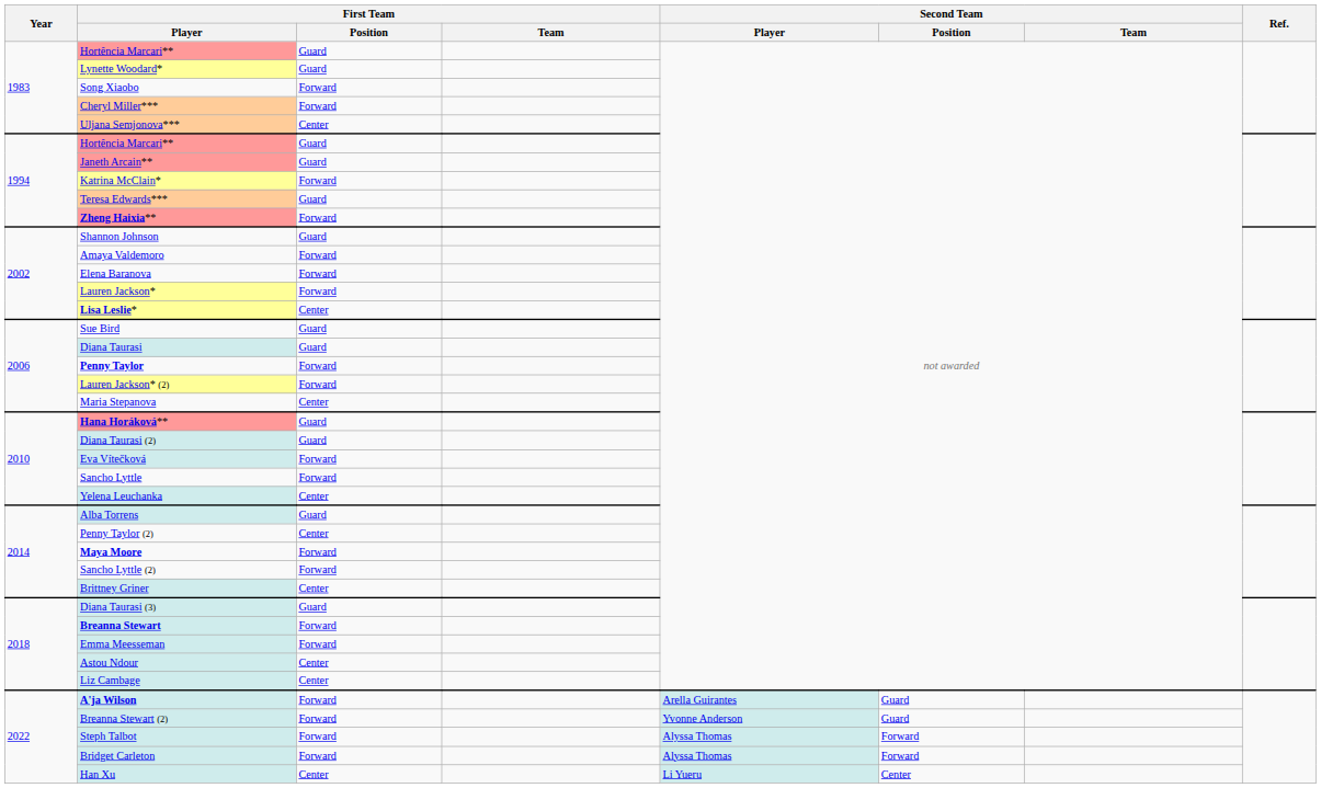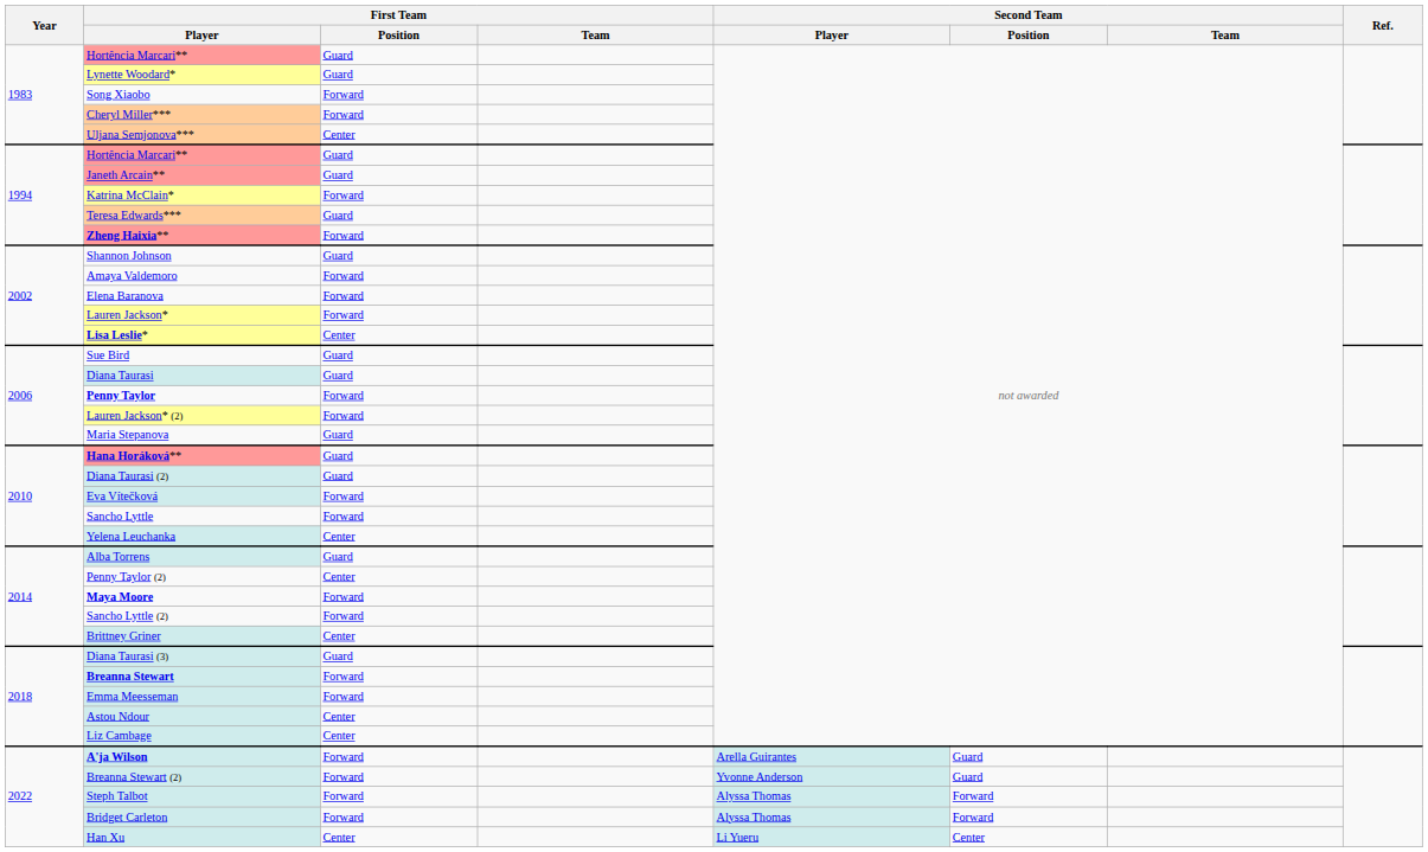 <table class="wikitable" style="width: 90%; text-align:left; font-size:95%">
 <tr>
 <th rowspan="2" width="5%">Year</th>
 <th colspan="3">First Team</th>
 <th colspan="3">Second Team</th>
 <th rowspan="2" width=5%>Ref.</th>
 </tr>
 <tr>
 <th width=15%>Player</th>
 <th width=10%>Position</th>
 <th width=15%>Team</th>
 <th width=15%>Player</th>
 <th width=10%>Position</th>
 <th width=15%>Team</th>
 </tr>
 <tr>
 <td rowspan=5><a href='#'>1983</a></td>
 <td style="background-color:#FF9999; align=left"><a href='#'>Hortência Marcari</a>**</td>
 <td align=left><a href='#'>Guard</a></td>
 <td align=left></td>
 <td rowspan=35 colspan=3 style=color:#767676 align=center><em>not awarded</em></td>
 <td rowspan=5></td>
 </tr>
 <tr>
 <td style="background-color:#FFFF99; align=left"><a href='#'>Lynette Woodard</a>*</td>
 <td align=left><a href='#'>Guard</a></td>
 <td align=left></td>
 </tr>
 <tr>
 <td style="align=left"><a href='#'>Song Xiaobo</a></td>
 <td align=left><a href='#'>Forward</a></td>
 <td align=left></td>
 </tr>
 <tr>
 <td style="background-color:#FFCC99; align=left"><a href='#'>Cheryl Miller</a>***</td>
 <td align=left><a href='#'>Forward</a></td>
 <td align=left></td>
 </tr>
 <tr>
 <td style="background-color:#FFCC99; align=left"><a href='#'>Uljana Semjonova</a>***</td>
 <td align=left><a href='#'>Center</a></td>
 <td align=left></td>
 </tr>
 <tr style = "border-top:2px solid black;">
 <td rowspan=5><a href='#'>1994</a></td>
 <td style="background-color:#FF9999; align=left"><a href='#'>Hortência Marcari</a>**</td>
 <td align=left><a href='#'>Guard</a></td>
 <td align=left></td>
 <td rowspan=5></td>
 </tr>
 <tr>
 <td style="background-color:#FF9999; align=left"><a href='#'>Janeth Arcain</a>**</td>
 <td align=left><a href='#'>Guard</a></td>
 <td align=left></td>
 </tr>
 <tr>
 <td style="background-color:#FFFF99; align=left"><a href='#'>Katrina McClain</a>*</td>
 <td align=left><a href='#'>Forward</a></td>
 <td align=left></td>
 </tr>
 <tr>
 <td style="background-color:#FFCC99; align=left"><a href='#'>Teresa Edwards</a>***</td>
 <td align=left><a href='#'>Guard</a></td>
 <td align=left></td>
 </tr>
 <tr>
 <td style="background-color:#FF9999; align=left"><strong><a href='#'>Zheng Haixia</a></strong>**</td>
 <td align=left><a href='#'>Forward</a></td>
 <td align=left></td>
 </tr>
 <tr style = "border-top:2px solid black;">
 <td rowspan=5><a href='#'>2002</a></td>
 <td align=left><a href='#'>Shannon Johnson</a></td>
 <td align=left><a href='#'>Guard</a></td>
 <td align=left></td>
 <td rowspan=5></td>
 </tr>
 <tr>
 <td align=left><a href='#'>Amaya Valdemoro</a></td>
 <td align=left><a href='#'>Forward</a></td>
 <td align=left></td>
 </tr>
 <tr>
 <td align=left><a href='#'>Elena Baranova</a></td>
 <td align=left><a href='#'>Forward</a></td>
 <td align=left></td>
 </tr>
 <tr>
 <td style="background-color:#FFFF99; align=left"><a href='#'>Lauren Jackson</a>*</td>
 <td align=left><a href='#'>Forward</a></td>
 <td align=left></td>
 </tr>
 <tr>
 <td style="background-color:#FFFF99; align=left"><strong><a href='#'>Lisa Leslie</a></strong>*</td>
 <td align=left><a href='#'>Center</a></td>
 <td align=left></td>
 </tr>
 <tr style = "border-top:2px solid black;">
 <td rowspan=5><a href='#'>2006</a></td>
 <td align=left><a href='#'>Sue Bird</a></td>
 <td align=left><a href='#'>Guard</a></td>
 <td align=left></td>
 <td rowspan=5></td>
 </tr>
 <tr>
 <td style="background-color:#CFECEC; align=left"><a href='#'>Diana Taurasi</a></td>
 <td align=left><a href='#'>Guard</a></td>
 <td align=left></td>
 </tr>
 <tr>
 <td align=left><strong><a href='#'>Penny Taylor</a></strong></td>
 <td align=left><a href='#'>Forward</a></td>
 <td align=left></td>
 </tr>
 <tr>
 <td style="background-color:#FFFF99; align=left"><a href='#'>Lauren Jackson</a>* <small>(2)</small></td>
 <td align=left><a href='#'>Forward</a></td>
 <td align=left></td>
 </tr>
 <tr>
 <td align=left><a href='#'>Maria Stepanova</a></td>
-<td align=left><a href='#'>Center</a></td>
+<td align=left><a href='#'>Guard</a></td>
 <td align=left></td>
 </tr>
 <tr style = "border-top:2px solid black;">
 <td rowspan=5><a href='#'>2010</a></td>
 <td style="background-color:#FF9999; align=left"><strong><a href='#'>Hana Horáková</a></strong>**</td>
 <td align=left><a href='#'>Guard</a></td>
 <td align=left></td>
 <td rowspan=5></td>
 </tr>
 <tr>
 <td style="background-color:#CFECEC; align=left"><a href='#'>Diana Taurasi</a> <small>(2)</small></td>
 <td align=left><a href='#'>Guard</a></td>
 <td align=left></td>
 </tr>
 <tr>
 <td style="background-color:#CFECEC; align=left"><a href='#'>Eva Vítečková</a></td>
 <td align=left><a href='#'>Forward</a></td>
 <td align=left></td>
 </tr>
 <tr>
 <td align=left><a href='#'>Sancho Lyttle</a></td>
 <td align=left><a href='#'>Forward</a></td>
 <td align=left></td>
 </tr>
 <tr>
 <td style="background-color:#CFECEC; align=left"><a href='#'>Yelena Leuchanka</a></td>
 <td align=left><a href='#'>Center</a></td>
 <td align=left></td>
 </tr>
 <tr style = "border-top:2px solid black;">
 <td rowspan=5><a href='#'>2014</a></td>
 <td style="background-color:#CFECEC; align=left"><a href='#'>Alba Torrens</a></td>
 <td align=left><a href='#'>Guard</a></td>
 <td align=left></td>
 <td rowspan=5></td>
 </tr>
 <tr>
 <td align=left><a href='#'>Penny Taylor</a> <small>(2)</small></td>
 <td align=left><a href='#'>Center</a></td>
 <td align=left></td>
 </tr>
 <tr>
 <td align=left><strong><a href='#'>Maya Moore</a></strong></td>
 <td align=left><a href='#'>Forward</a></td>
 <td align=left></td>
 </tr>
 <tr>
 <td align=left><a href='#'>Sancho Lyttle</a> <small>(2)</small></td>
 <td align=left><a href='#'>Forward</a></td>
 <td align=left></td>
 </tr>
 <tr>
 <td style="background-color:#CFECEC; align=left"><a href='#'>Brittney Griner</a></td>
 <td align=left><a href='#'>Center</a></td>
 <td align=left></td>
 </tr>
 <tr style = "border-top:2px solid black;">
 <td rowspan=5><a href='#'>2018</a></td>
 <td style="background-color:#CFECEC; align=left"><a href='#'>Diana Taurasi</a>  <small>(3)</small></td>
 <td align=left><a href='#'>Guard</a></td>
 <td align=left></td>
 <td rowspan=5></td>
 </tr>
 <tr>
 <td style="background-color:#CFECEC; align=left"><strong><a href='#'>Breanna Stewart</a></strong></td>
 <td align=left><a href='#'>Forward</a></td>
 <td align=left></td>
 </tr>
 <tr>
 <td style="background-color:#CFECEC; align=left"><a href='#'>Emma Meesseman</a></td>
 <td align=left><a href='#'>Forward</a></td>
 <td align=left></td>
 </tr>
 <tr>
 <td style="background-color:#CFECEC; align=left"><a href='#'>Astou Ndour</a></td>
 <td align=left><a href='#'>Center</a></td>
 <td align=left></td>
 </tr>
 <tr>
 <td style="background-color:#CFECEC; align=left"><a href='#'>Liz Cambage</a></td>
 <td align=left><a href='#'>Center</a></td>
 <td align=left></td>
 </tr>
 <tr style = "border-top:2px solid black;">
 <td rowspan=5><a href='#'>2022</a></td>
 <td style="background-color:#CFECEC; align=left"><strong><a href='#'>A'ja Wilson</a></strong></td>
 <td align=left><a href='#'>Forward</a></td>
 <td align=left></td>
 <td style="background-color:#CFECEC; align=left"><a href='#'>Arella Guirantes</a></td>
 <td align=left><a href='#'>Guard</a></td>
 <td align=left></td>
 <td rowspan=5></td>
 </tr>
 <tr>
 <td style="background-color:#CFECEC; align=left"><a href='#'>Breanna Stewart</a> <small>(2)</small></td>
 <td align=left><a href='#'>Forward</a></td>
 <td align=left></td>
 <td style="background-color:#CFECEC; align=left"><a href='#'>Yvonne Anderson</a></td>
 <td align=left><a href='#'>Guard</a></td>
 <td align=left></td>
 </tr>
 <tr>
 <td style="background-color:#CFECEC; align=left"><a href='#'>Steph Talbot</a></td>
 <td align=left><a href='#'>Forward</a></td>
 <td align=left></td>
 <td style="background-color:#CFECEC; align=left"><a href='#'>Alyssa Thomas</a></td>
 <td align=left><a href='#'>Forward</a></td>
 <td align=left></td>
 </tr>
 <tr>
 <td style="background-color:#CFECEC; align=left"><a href='#'>Bridget Carleton</a></td>
 <td align=left><a href='#'>Forward</a></td>
 <td align=left></td>
 <td style="background-color:#CFECEC; align=left"><a href='#'>Alyssa Thomas</a></td>
 <td align=left><a href='#'>Forward</a></td>
 <td align=left></td>
 </tr>
 <tr>
 <td style="background-color:#CFECEC; align=left"><a href='#'>Han Xu</a></td>
 <td align=left><a href='#'>Center</a></td>
 <td align=left></td>
 <td style="background-color:#CFECEC; align=left"><a href='#'>Li Yueru</a></td>
 <td align=left><a href='#'>Center</a></td>
 <td align=left></td>
 </tr>
 </table>
